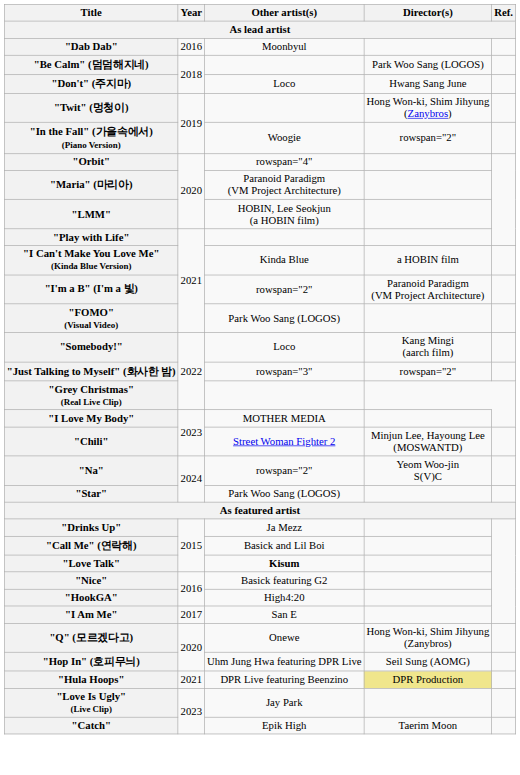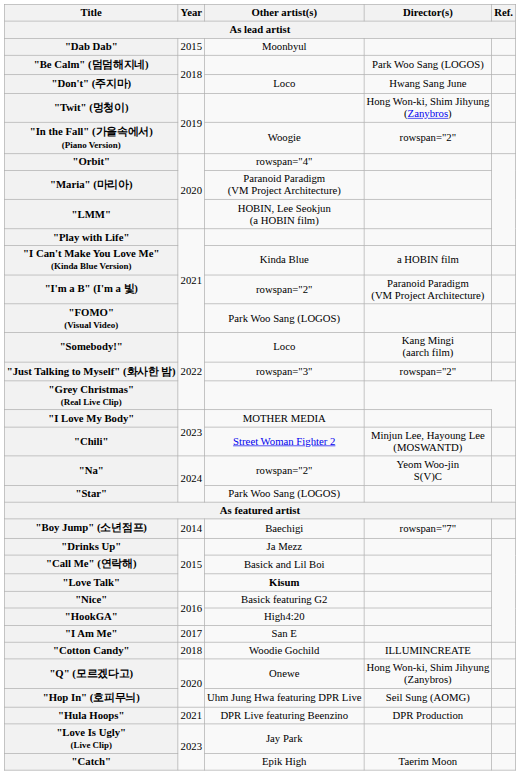 <table class="wikitable plainrowheaders" style="text-align:center;">
 <tr>
 <th scope="col">Title</th>
 <th scope="col">Year</th>
 <th scope="col">Other artist(s)</th>
 <th scope="col">Director(s)</th>
 <th scope="col">Ref.</th>
 </tr>
 <tr>
 <th colspan="5">As lead artist</th>
 </tr>
 <tr>
 <th scope="row">"Dab Dab"</th>
-<td>2016</td>
+<td>2015</td>
 <td>Moonbyul</td>
 <td></td>
 <td></td>
 </tr>
 <tr>
 <th scope="row">"Be Calm" (덤덤해지네)</th>
 <td rowspan="2">2018</td>
 <td></td>
 <td>Park Woo Sang (LOGOS)</td>
 <td></td>
 </tr>
 <tr>
 <th scope="row">"Don't" (주지마)</th>
 <td>Loco</td>
 <td>Hwang Sang June</td>
 <td></td>
 </tr>
 <tr>
 <th scope="row">"Twit" (멍청이)</th>
 <td rowspan="2">2019</td>
 <td></td>
 <td>Hong Won-ki, Shim Jihyung<br>(<a href='#'>Zanybros</a>)</td>
 <td></td>
 </tr>
 <tr>
 <th scope="row">"In the Fall" (가을속에서) <br><small>(Piano Version)</small></th>
 <td>Woogie</td>
 <td>rowspan="2" </td>
 <td></td>
 </tr>
 <tr>
 <th scope="row">"Orbit"</th>
 <td rowspan="3">2020</td>
 <td>rowspan="4" </td>
 <td></td>
 </tr>
 <tr>
 <th scope="row">"Maria" (마리아)</th>
 <td>Paranoid Paradigm<br>(VM Project Architecture)</td>
 <td></td>
 </tr>
 <tr>
 <th scope="row">"LMM"</th>
 <td>HOBIN, Lee Seokjun<br>(a HOBIN film)</td>
 <td></td>
 </tr>
 <tr>
 <th scope="row">"Play with Life"</th>
 <td rowspan="4">2021</td>
 <td></td>
 <td></td>
 </tr>
 <tr>
 <th scope="row">"I Can't Make You Love Me" <br><small>(Kinda Blue Version)</small></th>
 <td>Kinda Blue</td>
 <td>a HOBIN film</td>
 <td></td>
 </tr>
 <tr>
 <th scope="row">"I'm a B" (I'm a 빛)</th>
 <td>rowspan="2" </td>
 <td>Paranoid Paradigm<br>(VM Project Architecture)</td>
 <td></td>
 </tr>
 <tr>
 <th scope="row">"FOMO" <br><small>(Visual Video)</small></th>
 <td>Park Woo Sang (LOGOS)</td>
 <td></td>
 </tr>
 <tr>
 <th scope="row">"Somebody!"</th>
 <td rowspan="3">2022</td>
 <td>Loco</td>
 <td>Kang Mingi<br>(aarch film)</td>
 <td></td>
 </tr>
 <tr>
 <th scope="row">"Just Talking to Myself" (화사한 밤)</th>
 <td>rowspan="3" </td>
 <td>rowspan="2" </td>
 <td></td>
 </tr>
 <tr>
 <th scope="row">"Grey Christmas" <br><small>(Real Live Clip)</small></th>
 <td></td>
 </tr>
 <tr>
 <th scope="row">"I Love My Body"</th>
 <td rowspan="2">2023</td>
 <td>MOTHER MEDIA</td>
 <td></td>
 </tr>
 <tr>
 <th scope="row">"Chili"</th>
 <td><a href='#'>Street Woman Fighter 2</a></td>
 <td>Minjun Lee, Hayoung Lee<br>(MOSWANTD)</td>
 <td></td>
 </tr>
 <tr>
 <th scope="row">"Na"</th>
 <td rowspan="2">2024</td>
 <td>rowspan="2" </td>
 <td>Yeom Woo-jin<br>S(V)C</td>
 <td></td>
 </tr>
 <tr>
 <th scope="row">"Star"</th>
 <td>Park Woo Sang (LOGOS)</td>
 <td></td>
 </tr>
 <tr>
 <th colspan="5">As featured artist</th>
 </tr>
 <tr>
+<th scope="row">"Boy Jump" (소년점프)</th>
+<td>2014</td>
+<td>Baechigi</td>
+<td>rowspan="7" </td>
+<td></td>
+</tr>
+<tr>
 <th scope="row">"Drinks Up"</th>
 <td rowspan="3">2015</td>
 <td>Ja Mezz</td>
 <td></td>
 </tr>
 <tr>
 <th scope="row">"Call Me" (연락해)</th>
 <td>Basick and Lil Boi</td>
 <td></td>
 </tr>
 <tr>
 <th scope="row">"Love Talk"</th>
 <td><strong>Kisum</strong></td>
 <td></td>
 </tr>
 <tr>
 <th scope="row">"Nice"</th>
 <td rowspan="2">2016</td>
 <td>Basick featuring G2</td>
 <td></td>
 </tr>
 <tr>
 <th scope="row">"HookGA"</th>
 <td>High4:20</td>
 <td></td>
 </tr>
 <tr>
 <th scope="row">"I Am Me"</th>
 <td>2017</td>
 <td>San E</td>
 <td></td>
 </tr>
 <tr>
+<th scope="row">"Cotton Candy"</th>
+<td>2018</td>
+<td>Woodie Gochild</td>
+<td>ILLUMINCREATE</td>
+<td></td>
+</tr>
+<tr>
 <th scope="row">"Q" (모르겠다고)</th>
 <td rowspan="2">2020</td>
 <td>Onewe</td>
 <td>Hong Won-ki, Shim Jihyung<br>(Zanybros)</td>
 <td></td>
 </tr>
 <tr>
 <th scope="row">"Hop In" (호피무늬)</th>
 <td>Uhm Jung Hwa featuring DPR Live</td>
 <td>Seil Sung (AOMG)</td>
 <td></td>
 </tr>
 <tr>
 <th scope="row">"Hula Hoops"</th>
 <td>2021</td>
 <td>DPR Live featuring Beenzino</td>
-<td style="background: khaki;">DPR Production</td>
+<td>DPR Production</td>
 <td></td>
 </tr>
 <tr>
 <th scope="row">"Love Is Ugly" <br><small>(Live Clip)</small></th>
 <td rowspan="2">2023</td>
 <td>Jay Park</td>
 <td></td>
 <td></td>
 </tr>
 <tr>
 <th scope="row">"Catch"</th>
 <td>Epik High</td>
 <td>Taerim Moon</td>
 <td></td>
 </tr>
 </table>
